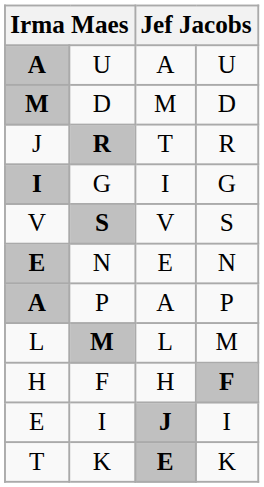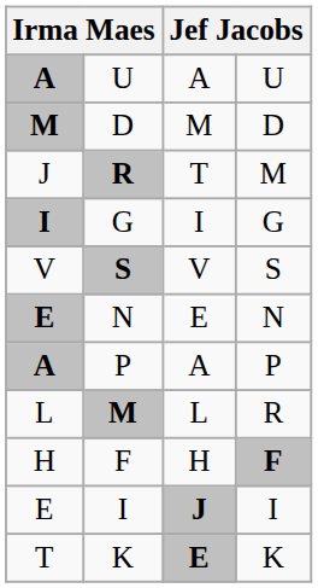 <table class="wikitable" style="float:right; margin-left:15px; margin-down:0; font-size:10pt; line-height:11pt;text-align:center;">
 <tr>
 <th colspan=2>Irma Maes</th>
 <th colspan=2>Jef Jacobs</th>
 </tr>
 <tr>
 <td style="background:silver; font-weight:bold;">A</td>
 <td>U</td>
 <td>A</td>
 <td>U</td>
 </tr>
 <tr>
 <td style="background:silver; font-weight:bold;">M</td>
 <td>D</td>
 <td>M</td>
 <td>D</td>
 </tr>
 <tr>
 <td>J</td>
 <td style="background:silver; font-weight:bold;">R</td>
 <td>T</td>
-<td>R</td>
+<td>M</td>
 </tr>
 <tr>
 <td style="background:silver; font-weight:bold;">I</td>
 <td>G</td>
 <td>I</td>
 <td>G</td>
 </tr>
 <tr>
 <td>V</td>
 <td style="background:silver; font-weight:bold;">S</td>
 <td>V</td>
 <td>S</td>
 </tr>
 <tr>
 <td style="background:silver; font-weight:bold;">E</td>
 <td>N</td>
 <td>E</td>
 <td>N</td>
 </tr>
 <tr>
 <td style="background:silver; font-weight:bold;">A</td>
 <td>P</td>
 <td>A</td>
 <td>P</td>
 </tr>
 <tr>
 <td>L</td>
 <td style="background:silver; font-weight:bold;">M</td>
 <td>L</td>
-<td>M</td>
+<td>R</td>
 </tr>
 <tr>
 <td>H</td>
 <td>F</td>
 <td>H</td>
 <td style="background:silver; font-weight:bold;">F</td>
 </tr>
 <tr>
 <td>E</td>
 <td>I</td>
 <td style="background:silver; font-weight:bold;">J</td>
 <td>I</td>
 </tr>
 <tr>
 <td>T</td>
 <td>K</td>
 <td style="background:silver; font-weight:bold;">E</td>
 <td>K</td>
 </tr>
 </table>
